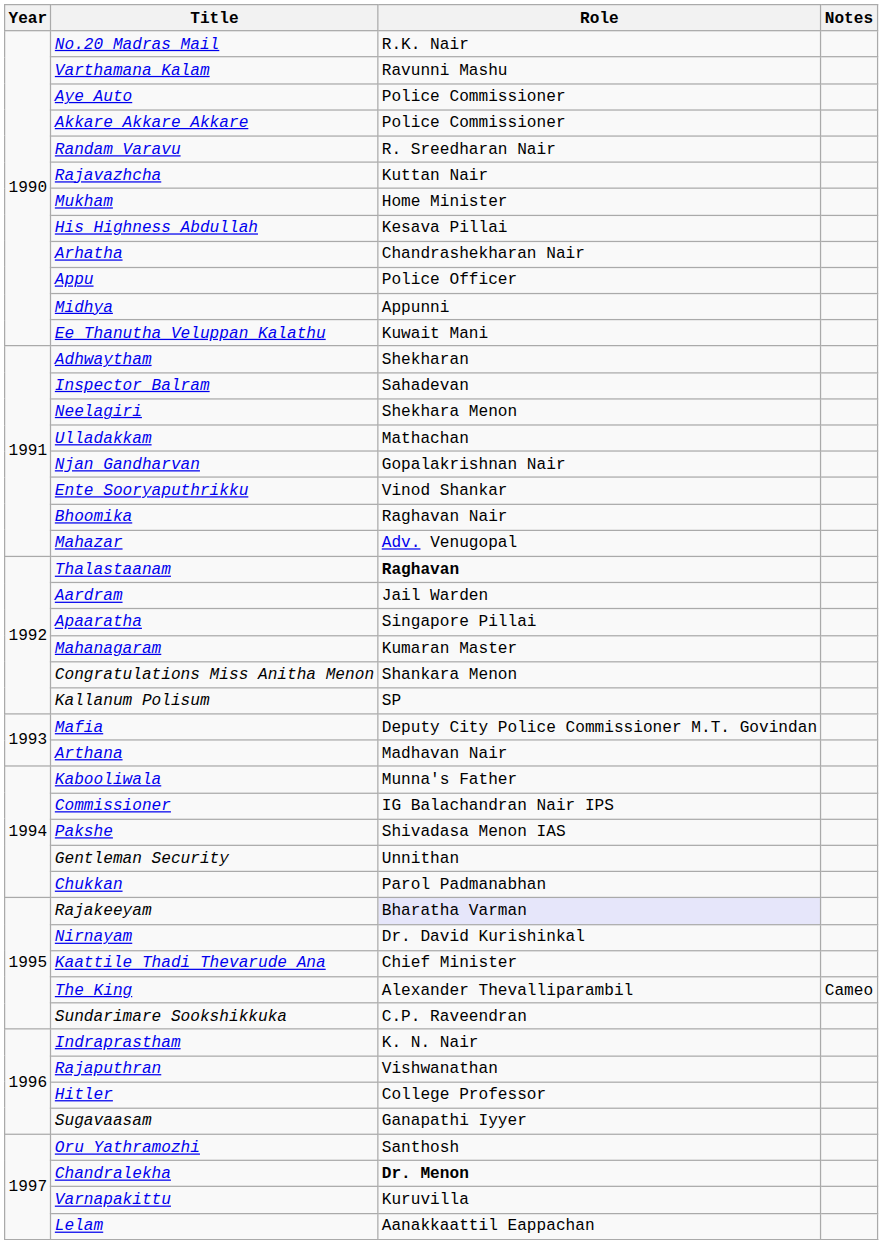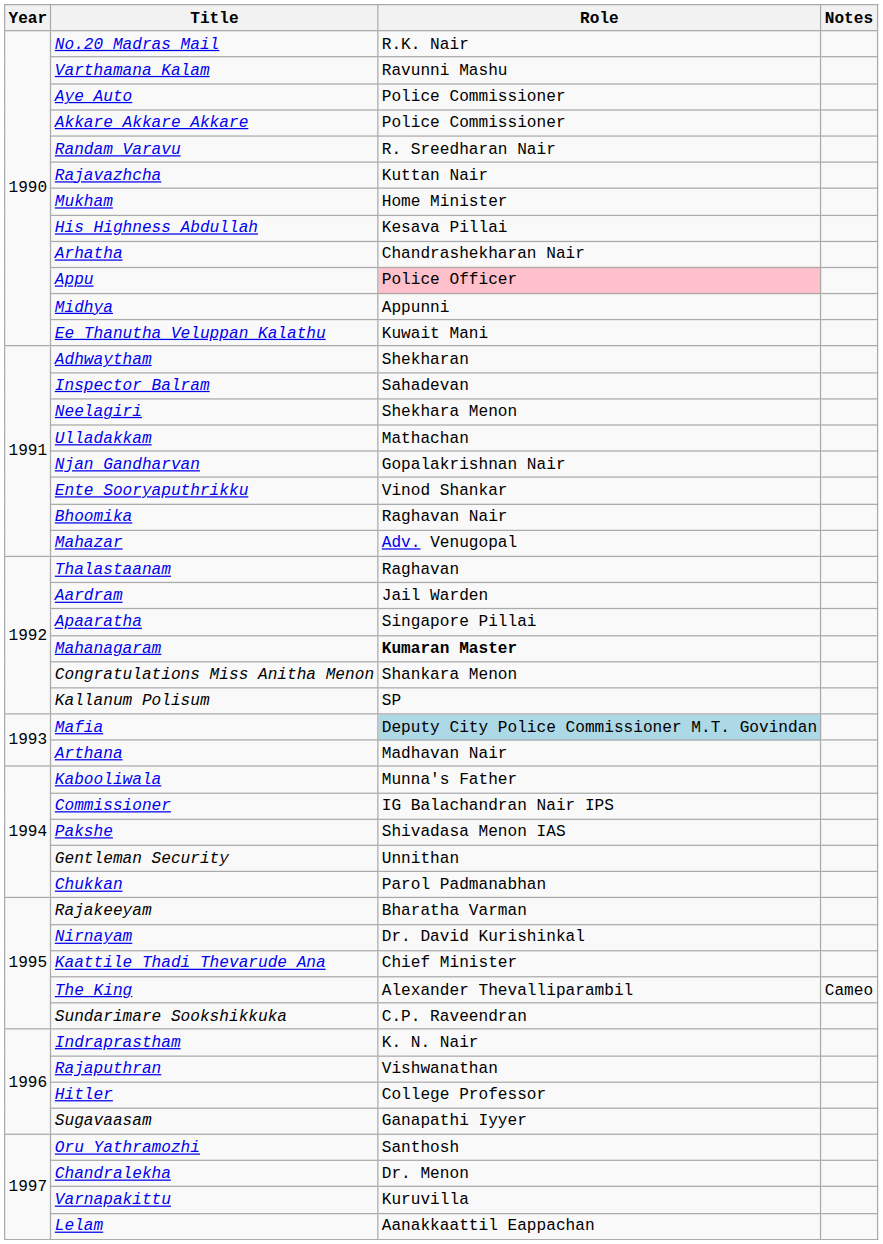 <table class="wikitable sortable">
 <tr>
 <th>Year</th>
 <th>Title</th>
 <th>Role</th>
 <th class="unsortable">Notes</th>
 </tr>
 <tr>
 <td rowspan=12>1990</td>
 <td><em><a href='#'>No.20 Madras Mail</a></em></td>
 <td>R.K. Nair</td>
 <td></td>
 </tr>
 <tr>
 <td><em><a href='#'>Varthamana Kalam</a></em></td>
 <td>Ravunni Mashu</td>
 <td></td>
 </tr>
 <tr>
 <td><em><a href='#'>Aye Auto</a></em></td>
 <td>Police Commissioner</td>
 <td></td>
 </tr>
 <tr>
 <td><em><a href='#'>Akkare Akkare Akkare</a></em></td>
 <td>Police Commissioner</td>
 <td></td>
 </tr>
 <tr>
 <td><em><a href='#'>Randam Varavu</a></em></td>
 <td>R. Sreedharan Nair</td>
 <td></td>
 </tr>
 <tr>
 <td><em><a href='#'>Rajavazhcha</a></em></td>
 <td>Kuttan Nair</td>
 <td></td>
 </tr>
 <tr>
 <td><em><a href='#'>Mukham</a></em></td>
 <td>Home Minister</td>
 <td></td>
 </tr>
 <tr>
 <td><em><a href='#'>His Highness Abdullah</a></em></td>
 <td>Kesava Pillai</td>
 <td></td>
 </tr>
 <tr>
 <td><em><a href='#'>Arhatha</a></em></td>
 <td>Chandrashekharan Nair</td>
 <td></td>
 </tr>
 <tr>
 <td><em><a href='#'>Appu</a></em></td>
-<td>Police Officer</td>
+<td style="background: pink;">Police Officer</td>
 <td></td>
 </tr>
 <tr>
 <td><em><a href='#'>Midhya</a></em></td>
 <td>Appunni</td>
 <td></td>
 </tr>
 <tr>
 <td><em> <a href='#'>Ee Thanutha Veluppan Kalathu</a></em></td>
 <td>Kuwait Mani</td>
 <td></td>
 </tr>
 <tr>
 <td rowspan=8>1991</td>
 <td><em><a href='#'>Adhwaytham</a></em></td>
 <td>Shekharan</td>
 <td></td>
 </tr>
 <tr>
 <td><em><a href='#'>Inspector Balram</a></em></td>
 <td>Sahadevan</td>
 <td></td>
 </tr>
 <tr>
 <td><em><a href='#'>Neelagiri</a></em></td>
 <td>Shekhara Menon</td>
 <td></td>
 </tr>
 <tr>
 <td><em><a href='#'>Ulladakkam</a></em></td>
 <td>Mathachan</td>
 <td></td>
 </tr>
 <tr>
 <td><em><a href='#'>Njan Gandharvan</a></em></td>
 <td>Gopalakrishnan Nair</td>
 <td></td>
 </tr>
 <tr>
 <td><em><a href='#'>Ente Sooryaputhrikku</a></em></td>
 <td>Vinod Shankar</td>
 <td></td>
 </tr>
 <tr>
 <td><em><a href='#'>Bhoomika</a></em></td>
 <td>Raghavan Nair</td>
 <td></td>
 </tr>
 <tr>
 <td><em><a href='#'>Mahazar</a></em></td>
 <td><a href='#'>Adv.</a> Venugopal</td>
 <td></td>
 </tr>
 <tr>
 <td rowspan=6>1992</td>
 <td><em><a href='#'>Thalastaanam</a></em></td>
-<td><strong>Raghavan</strong></td>
+<td>Raghavan</td>
 <td></td>
 </tr>
 <tr>
 <td><em><a href='#'>Aardram</a></em></td>
 <td>Jail Warden</td>
 <td></td>
 </tr>
 <tr>
 <td><em><a href='#'>Apaaratha</a></em></td>
 <td>Singapore Pillai</td>
 <td></td>
 </tr>
 <tr>
 <td><em><a href='#'>Mahanagaram</a></em></td>
-<td>Kumaran Master</td>
+<td><strong>Kumaran Master</strong></td>
 <td></td>
 </tr>
 <tr>
 <td><em>Congratulations Miss Anitha Menon</em></td>
 <td>Shankara Menon</td>
 <td></td>
 </tr>
 <tr>
 <td><em>Kallanum Polisum</em></td>
 <td>SP</td>
 <td></td>
 </tr>
 <tr>
 <td rowspan=2>1993</td>
 <td><em><a href='#'>Mafia</a></em></td>
-<td>Deputy City Police Commissioner M.T. Govindan</td>
+<td style="background: lightblue;">Deputy City Police Commissioner M.T. Govindan</td>
 <td></td>
 </tr>
 <tr>
 <td><em><a href='#'>Arthana</a></em></td>
 <td>Madhavan Nair</td>
 <td></td>
 </tr>
 <tr>
 <td rowspan=5>1994</td>
 <td><em><a href='#'>Kabooliwala</a></em></td>
 <td>Munna's Father</td>
 <td></td>
 </tr>
 <tr>
 <td><em><a href='#'>Commissioner</a></em></td>
 <td>IG Balachandran Nair IPS</td>
 <td></td>
 </tr>
 <tr>
 <td><em><a href='#'>Pakshe</a></em></td>
 <td>Shivadasa Menon IAS</td>
 <td></td>
 </tr>
 <tr>
 <td><em>Gentleman Security</em></td>
 <td>Unnithan</td>
 <td></td>
 </tr>
 <tr>
 <td><em><a href='#'>Chukkan</a></em></td>
 <td>Parol Padmanabhan</td>
 <td></td>
 </tr>
 <tr>
 <td rowspan=5>1995</td>
 <td><em>Rajakeeyam</em></td>
-<td style="background: lavender;">Bharatha Varman</td>
+<td>Bharatha Varman</td>
 <td></td>
 </tr>
 <tr>
 <td><em><a href='#'>Nirnayam</a></em></td>
 <td>Dr. David Kurishinkal</td>
 <td></td>
 </tr>
 <tr>
 <td><em><a href='#'>Kaattile Thadi Thevarude Ana</a></em></td>
 <td>Chief Minister</td>
 <td></td>
 </tr>
 <tr>
 <td><em><a href='#'>The King</a></em></td>
 <td>Alexander Thevalliparambil</td>
 <td>Cameo</td>
 </tr>
 <tr>
 <td><em>Sundarimare Sookshikkuka</em></td>
 <td>C.P. Raveendran</td>
 <td></td>
 </tr>
 <tr>
 <td rowspan=4>1996</td>
 <td><em><a href='#'>Indraprastham</a></em></td>
 <td>K. N. Nair</td>
 <td></td>
 </tr>
 <tr>
 <td><em><a href='#'>Rajaputhran</a></em></td>
 <td>Vishwanathan</td>
 <td></td>
 </tr>
 <tr>
 <td><em><a href='#'>Hitler</a></em></td>
 <td>College Professor</td>
 <td></td>
 </tr>
 <tr>
 <td><em>Sugavaasam</em></td>
 <td>Ganapathi Iyyer</td>
 <td></td>
 </tr>
 <tr>
 <td rowspan=4>1997</td>
 <td><em><a href='#'>Oru Yathramozhi</a></em></td>
 <td>Santhosh</td>
 <td></td>
 </tr>
 <tr>
 <td><em><a href='#'>Chandralekha</a></em></td>
-<td><strong>Dr. Menon</strong></td>
+<td>Dr. Menon</td>
 <td></td>
 </tr>
 <tr>
 <td><em><a href='#'>Varnapakittu</a></em></td>
 <td>Kuruvilla</td>
 <td></td>
 </tr>
 <tr>
 <td><em><a href='#'>Lelam</a></em></td>
 <td>Aanakkaattil Eappachan</td>
 <td></td>
 </tr>
 <tr>
 </tr>
 </table>
